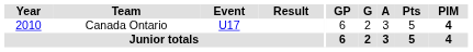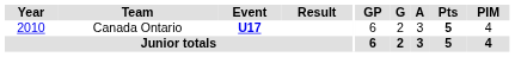 <table border="0" cellpadding="1" cellspacing="0" ID="Table3" style="text-align:center; width:40em">
 <tr ALIGN="center" bgcolor="#e0e0e0">
 <th>Year</th>
 <th>Team</th>
 <th>Event</th>
 <th>Result</th>
 <th rowspan="99" bgcolor="#ffffff"></th>
 <th>GP</th>
 <th>G</th>
 <th>A</th>
 <th>Pts</th>
 <th>PIM</th>
 </tr>
 <tr>
 <td><a href='#'>2010</a></td>
 <td>Canada Ontario</td>
-<td><a href='#'>U17</a></td>
+<td><strong><a href='#'>U17</a></strong></td>
 <td></td>
 <td>6</td>
 <td>2</td>
 <td>3</td>
-<td>5</td>
-<td><strong>4</strong></td>
+<td><strong>5</strong></td>
+<td>4</td>
 </tr>
 <tr ALIGN="center" bgcolor="#e0e0e0">
 <th colspan=4>Junior totals</th>
 <th>6</th>
 <th>2</th>
 <th>3</th>
 <th>5</th>
 <th>4</th>
 </tr>
 </table>
